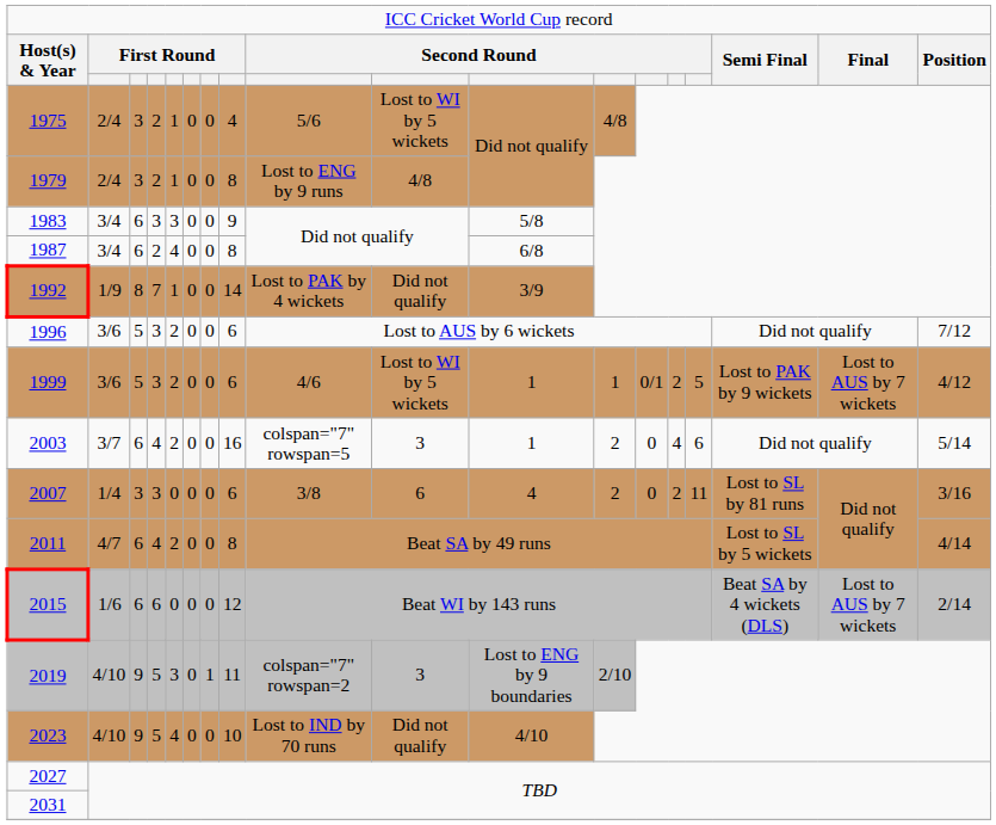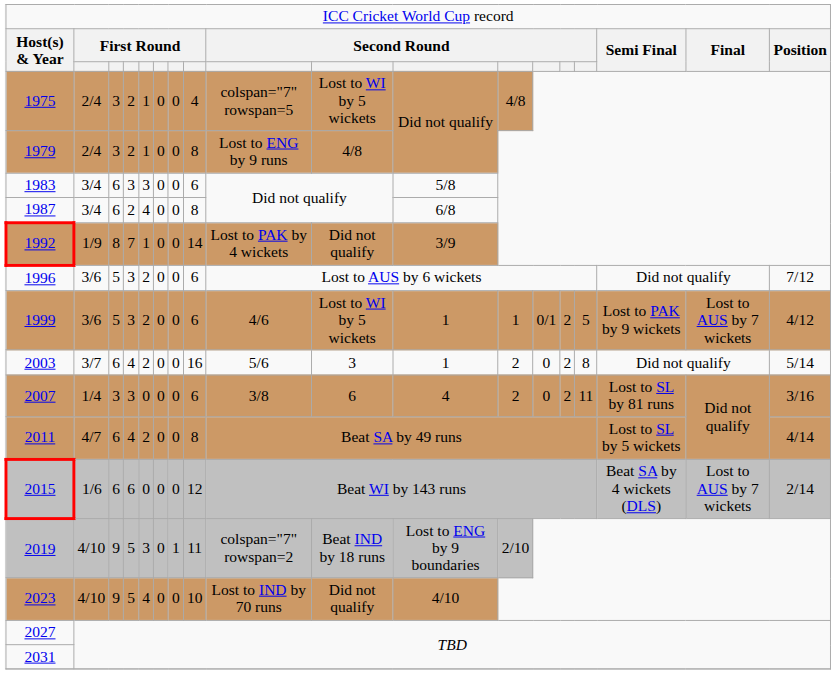 <table class="wikitable" style="margin: 1em 1em 1em 1em; text-align: center;">
 <tr>
 <td colspan="20"><a href='#'>ICC Cricket World Cup</a> record</td>
 </tr>
 <tr>
 <th rowspan="2">Host(s) & Year</th>
 <th colspan="7">First Round</th>
 <th colspan="7">Second Round</th>
 <th rowspan="2">Semi Final</th>
 <th rowspan="2">Final</th>
 <th rowspan="2">Position</th>
 </tr>
 <tr>
 <th></th>
 <th></th>
 <th></th>
 <th></th>
 <th></th>
 <th></th>
 <th></th>
 <th></th>
 <th></th>
 <th></th>
 <th></th>
 <th></th>
 <th></th>
 <th></th>
 </tr>
 <tr style="background:#cc9966;">
 <td> <a href='#'>1975</a></td>
 <td>2/4</td>
 <td>3</td>
 <td>2</td>
 <td>1</td>
 <td>0</td>
 <td>0</td>
 <td>4</td>
-<td>5/6</td>
+<td>colspan="7" rowspan=5 </td>
 <td>Lost to  <a href='#'>WI</a> by 5 wickets</td>
 <td rowspan="2">Did not qualify</td>
 <td>4/8</td>
 </tr>
 <tr style="background:#cc9966;">
 <td> <a href='#'>1979</a></td>
 <td>2/4</td>
 <td>3</td>
 <td>2</td>
 <td>1</td>
 <td>0</td>
 <td>0</td>
 <td>8</td>
 <td>Lost to  <a href='#'>ENG</a> by 9 runs</td>
 <td>4/8</td>
 </tr>
 <tr>
 <td>  <a href='#'>1983</a></td>
 <td>3/4</td>
 <td>6</td>
 <td>3</td>
 <td>3</td>
 <td>0</td>
 <td>0</td>
-<td>9</td>
+<td>6</td>
 <td rowspan="2" colspan="2">Did not qualify</td>
 <td>5/8</td>
 </tr>
 <tr>
 <td>  <a href='#'>1987</a></td>
 <td>3/4</td>
 <td>6</td>
 <td>2</td>
 <td>4</td>
 <td>0</td>
 <td>0</td>
 <td>8</td>
 <td>6/8</td>
 </tr>
 <tr style="background:#cc9966;">
 <td style="border: 3px solid red">  <a href='#'>1992</a></td>
 <td>1/9</td>
 <td>8</td>
 <td>7</td>
 <td>1</td>
 <td>0</td>
 <td>0</td>
 <td>14</td>
 <td>Lost to  <a href='#'>PAK</a> by 4 wickets</td>
 <td>Did not qualify</td>
 <td>3/9</td>
 </tr>
 <tr>
 <td>   <a href='#'>1996</a></td>
 <td>3/6</td>
 <td>5</td>
 <td>3</td>
 <td>2</td>
 <td>0</td>
 <td>0</td>
 <td>6</td>
 <td colspan="7">Lost to  <a href='#'>AUS</a> by 6 wickets</td>
 <td colspan="2">Did not qualify</td>
 <td>7/12</td>
 </tr>
 <tr style="background:#cc9966;">
 <td>      <a href='#'>1999</a></td>
 <td>3/6</td>
 <td>5</td>
 <td>3</td>
 <td>2</td>
 <td>0</td>
 <td>0</td>
 <td>6</td>
 <td>4/6</td>
 <td>Lost to  <a href='#'>WI</a> by 5 wickets</td>
 <td>1</td>
 <td>1</td>
 <td>0/1</td>
 <td>2</td>
 <td>5</td>
 <td>Lost to  <a href='#'>PAK</a> by 9 wickets</td>
 <td>Lost to  <a href='#'>AUS</a> by 7 wickets</td>
 <td>4/12</td>
 </tr>
 <tr>
 <td> <a href='#'>2003</a></td>
 <td>3/7</td>
 <td>6</td>
 <td>4</td>
 <td>2</td>
 <td>0</td>
 <td>0</td>
 <td>16</td>
-<td>colspan="7" rowspan=5 </td>
+<td>5/6</td>
 <td>3</td>
 <td>1</td>
 <td>2</td>
 <td>0</td>
-<td>4</td>
-<td>6</td>
+<td>2</td>
+<td>8</td>
 <td colspan="2">Did not qualify</td>
 <td>5/14</td>
 </tr>
 <tr style="background:#cc9966;">
 <td> <a href='#'>2007</a></td>
 <td>1/4</td>
 <td>3</td>
 <td>3</td>
 <td>0</td>
 <td>0</td>
 <td>0</td>
 <td>6</td>
 <td>3/8</td>
 <td>6</td>
 <td>4</td>
 <td>2</td>
 <td>0</td>
 <td>2</td>
 <td>11</td>
 <td>Lost to  <a href='#'>SL</a> by 81 runs</td>
 <td rowspan="2">Did not qualify</td>
 <td>3/16</td>
 </tr>
 <tr style="background:#cc9966;">
 <td>   <a href='#'>2011</a></td>
 <td>4/7</td>
 <td>6</td>
 <td>4</td>
 <td>2</td>
 <td>0</td>
 <td>0</td>
 <td>8</td>
 <td colspan="7">Beat  <a href='#'>SA</a> by 49 runs</td>
 <td>Lost to  <a href='#'>SL</a> by 5 wickets</td>
 <td>4/14</td>
 </tr>
 <tr style="background:silver;">
 <td style="border: 3px solid red">  <a href='#'>2015</a></td>
 <td>1/6</td>
 <td>6</td>
 <td>6</td>
 <td>0</td>
 <td>0</td>
 <td>0</td>
 <td>12</td>
 <td colspan="7">Beat  <a href='#'>WI</a> by 143 runs</td>
 <td>Beat  <a href='#'>SA</a> by 4 wickets (<a href='#'>DLS</a>)</td>
 <td>Lost to  <a href='#'>AUS</a> by 7 wickets</td>
 <td>2/14</td>
 </tr>
 <tr style="background:silver;">
 <td>  <a href='#'>2019</a></td>
 <td>4/10</td>
 <td>9</td>
 <td>5</td>
 <td>3</td>
 <td>0</td>
 <td>1</td>
 <td>11</td>
 <td>colspan="7" rowspan=2 </td>
-<td>3</td>
+<td>Beat  <a href='#'>IND</a> by 18 runs</td>
 <td>Lost to  <a href='#'>ENG</a> by 9 boundaries</td>
 <td>2/10</td>
 </tr>
 <tr style="background:#cc9966;">
 <td> <a href='#'>2023</a></td>
 <td>4/10</td>
 <td>9</td>
 <td>5</td>
 <td>4</td>
 <td>0</td>
 <td>0</td>
 <td>10</td>
 <td>Lost to  <a href='#'>IND</a> by 70 runs</td>
 <td>Did not qualify</td>
 <td>4/10</td>
 </tr>
 <tr>
 <td>   <a href='#'>2027</a></td>
 <td colspan='19' rowspan="2"><em>TBD</em></td>
 </tr>
 <tr>
 <td>  <a href='#'>2031</a></td>
 </tr>
 <tr>
 </tr>
 </table>
